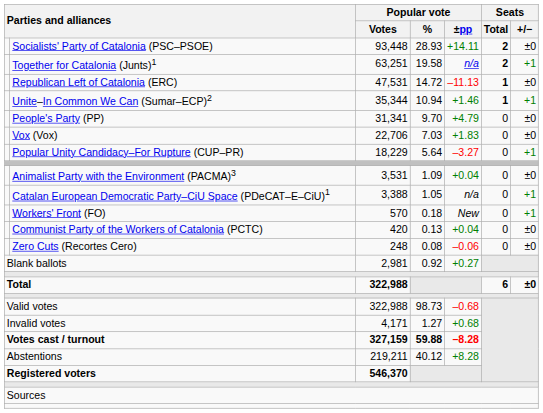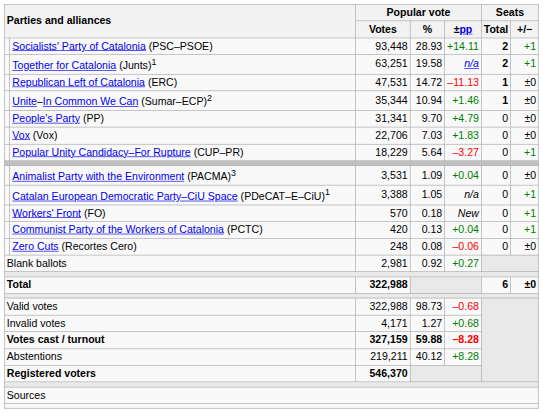 <table class="wikitable" style="text-align:right;">
 <tr>
 <th style="text-align:left;" rowspan="2" colspan="2" width="525">Parties and alliances</th>
 <th colspan="3">Popular vote</th>
 <th colspan="2">Seats</th>
 </tr>
 <tr>
 <th width="75">Votes</th>
 <th width="45">%</th>
 <th width="45">±<a href='#'>pp</a></th>
 <th width="35">Total</th>
 <th width="35">+/−</th>
 </tr>
 <tr>
 <td width="1" style="color:inherit;background:"></td>
 <td align="left"><a href='#'>Socialists' Party of Catalonia</a> (PSC–PSOE)</td>
 <td>93,448</td>
 <td>28.93</td>
 <td style="color:green;">+14.11</td>
 <td><strong>2</strong></td>
-<td>±0</td>
+<td style="color:green;">+1</td>
 </tr>
 <tr>
 <td style="color:inherit;background:"></td>
 <td align="left"><a href='#'>Together for Catalonia</a> (Junts)<sup>1</sup></td>
 <td>63,251</td>
 <td>19.58</td>
 <td><em><a href='#'>n/a</a></em></td>
 <td><strong>2</strong></td>
 <td style="color:green;">+1</td>
 </tr>
 <tr>
 <td style="color:inherit;background:"></td>
 <td align="left"><a href='#'>Republican Left of Catalonia</a> (ERC)</td>
 <td>47,531</td>
 <td>14.72</td>
 <td style="color:red;">–11.13</td>
 <td><strong>1</strong></td>
 <td>±0</td>
 </tr>
 <tr>
 <td style="color:inherit;background:"></td>
 <td align="left"><a href='#'>Unite</a>–<a href='#'>In Common We Can</a> (Sumar–ECP)<sup>2</sup></td>
 <td>35,344</td>
 <td>10.94</td>
 <td style="color:green;">+1.46</td>
 <td><strong>1</strong></td>
-<td style="color:green;">+1</td>
+<td>±0</td>
 </tr>
 <tr>
 <td style="color:inherit;background:"></td>
 <td align="left"><a href='#'>People's Party</a> (PP)</td>
 <td>31,341</td>
 <td>9.70</td>
 <td style="color:green;">+4.79</td>
 <td>0</td>
 <td>±0</td>
 </tr>
 <tr>
 <td style="color:inherit;background:"></td>
 <td align="left"><a href='#'>Vox</a> (Vox)</td>
 <td>22,706</td>
 <td>7.03</td>
 <td style="color:green;">+1.83</td>
 <td>0</td>
 <td>±0</td>
 </tr>
 <tr>
 <td style="color:inherit;background:"></td>
 <td align="left"><a href='#'>Popular Unity Candidacy–For Rupture</a> (CUP–PR)</td>
 <td>18,229</td>
 <td>5.64</td>
 <td style="color:red;">–3.27</td>
 <td>0</td>
 <td style="color:green;">+1</td>
 </tr>
 <tr>
 <td colspan="7" bgcolor="#C0C0C0"></td>
 </tr>
 <tr>
 <td style="color:inherit;background:"></td>
 <td align="left"><a href='#'>Animalist Party with the Environment</a> (PACMA)<sup>3</sup></td>
 <td>3,531</td>
 <td>1.09</td>
 <td style="color:green;">+0.04</td>
 <td>0</td>
 <td>±0</td>
 </tr>
 <tr>
 <td style="color:inherit;background:"></td>
 <td align="left"><a href='#'>Catalan European Democratic Party–CiU Space</a> (PDeCAT–E–CiU)<sup>1</sup></td>
 <td>3,388</td>
 <td>1.05</td>
 <td><em>n/a</em></td>
 <td>0</td>
 <td style="color:green;">+1</td>
 </tr>
 <tr>
 <td style="color:inherit;background:"></td>
 <td align="left"><a href='#'>Workers' Front</a> (FO)</td>
 <td>570</td>
 <td>0.18</td>
 <td><em>New</em></td>
 <td>0</td>
 <td style="color:green;">+1</td>
 </tr>
 <tr>
 <td style="color:inherit;background:"></td>
 <td align="left"><a href='#'>Communist Party of the Workers of Catalonia</a> (PCTC)</td>
 <td>420</td>
 <td>0.13</td>
 <td style="color:green;">+0.04</td>
 <td>0</td>
-<td>±0</td>
+<td style="color:green;">+1</td>
 </tr>
 <tr>
 <td style="color:inherit;background:"></td>
 <td align="left"><a href='#'>Zero Cuts</a> (Recortes Cero)</td>
 <td>248</td>
 <td>0.08</td>
 <td style="color:red;">–0.06</td>
 <td>0</td>
 <td>±0</td>
 </tr>
 <tr>
 <td align="left" colspan="2">Blank ballots</td>
 <td>2,981</td>
 <td>0.92</td>
 <td style="color:green;">+0.27</td>
 <td bgcolor="#E9E9E9" colspan="2"></td>
 </tr>
 <tr>
 <td colspan="7" bgcolor="#E9E9E9"></td>
 </tr>
 <tr style="font-weight:bold;">
 <td align="left" colspan="2">Total</td>
 <td>322,988</td>
 <td bgcolor="#E9E9E9" colspan="2"></td>
 <td>6</td>
 <td>±0</td>
 </tr>
 <tr>
 <td colspan="7" bgcolor="#E9E9E9"></td>
 </tr>
 <tr>
 <td align="left" colspan="2">Valid votes</td>
 <td>322,988</td>
 <td>98.73</td>
 <td style="color:red;">–0.68</td>
 <td bgcolor="#E9E9E9" colspan="2" rowspan="5"></td>
 </tr>
 <tr>
 <td align="left" colspan="2">Invalid votes</td>
 <td>4,171</td>
 <td>1.27</td>
 <td style="color:green;">+0.68</td>
 </tr>
 <tr style="font-weight:bold;">
 <td align="left" colspan="2">Votes cast / turnout</td>
 <td>327,159</td>
 <td>59.88</td>
 <td style="color:red;">–8.28</td>
 </tr>
 <tr>
 <td align="left" colspan="2">Abstentions</td>
 <td>219,211</td>
 <td>40.12</td>
 <td style="color:green;">+8.28</td>
 </tr>
 <tr style="font-weight:bold;">
 <td align="left" colspan="2">Registered voters</td>
 <td>546,370</td>
 <td bgcolor="#E9E9E9" colspan="2"></td>
 </tr>
 <tr>
 <td colspan="7" bgcolor="#E9E9E9"></td>
 </tr>
 <tr>
 <td align="left" colspan="7">Sources</td>
 </tr>
 <tr>
 <td colspan="7" style="text-align:left; max-width:790px;"></td>
 </tr>
 </table>
